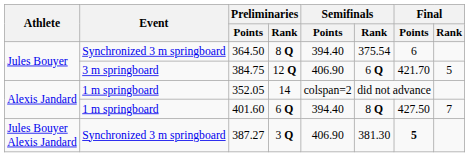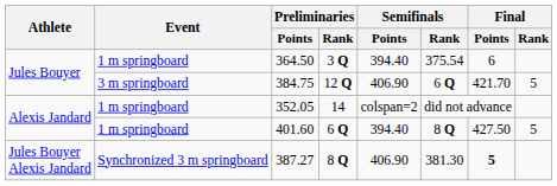 <table class="wikitable" style="text-align:center; font-size:90%">
 <tr>
 <th rowspan="2">Athlete</th>
 <th rowspan="2">Event</th>
 <th colspan="2">Preliminaries</th>
 <th colspan="2">Semifinals</th>
 <th colspan="2">Final</th>
 </tr>
 <tr style="font-size:95%">
 <th>Points</th>
 <th>Rank</th>
 <th>Points</th>
 <th>Rank</th>
 <th>Points</th>
 <th>Rank</th>
 </tr>
 <tr>
 <td align=left rowspan=2><a href='#'>Jules Bouyer</a></td>
-<td align=left><a href='#'>Synchronized 3 m springboard</a></td>
+<td align=left><a href='#'>1 m springboard</a></td>
 <td>364.50</td>
-<td>8 <strong>Q</strong></td>
+<td>3 <strong>Q</strong></td>
 <td>394.40</td>
 <td>375.54</td>
 <td>6</td>
 </tr>
 <tr>
 <td align=left><a href='#'>3 m springboard</a></td>
 <td>384.75</td>
 <td>12 <strong>Q</strong></td>
 <td>406.90</td>
 <td>6 <strong>Q</strong></td>
 <td>421.70</td>
 <td>5</td>
 </tr>
 <tr>
 <td align=left rowspan=2><a href='#'>Alexis Jandard</a></td>
 <td align=left><a href='#'>1 m springboard</a></td>
 <td>352.05</td>
 <td>14</td>
 <td>colspan=2 </td>
 <td colspan=2>did not advance</td>
 </tr>
 <tr>
 <td align=left><a href='#'>1 m springboard</a></td>
 <td>401.60</td>
 <td>6 <strong>Q</strong></td>
 <td>394.40</td>
 <td>8 <strong>Q</strong></td>
 <td>427.50</td>
-<td>7</td>
+<td>5</td>
 </tr>
 <tr>
 <td align=left><a href='#'>Jules Bouyer</a><br><a href='#'>Alexis Jandard</a></td>
 <td align=left><a href='#'>Synchronized 3 m springboard</a></td>
 <td>387.27</td>
-<td>3 <strong>Q</strong></td>
+<td>8 <strong>Q</strong></td>
 <td>406.90</td>
 <td>381.30</td>
 <td><strong>5</strong></td>
 </tr>
 </table>
